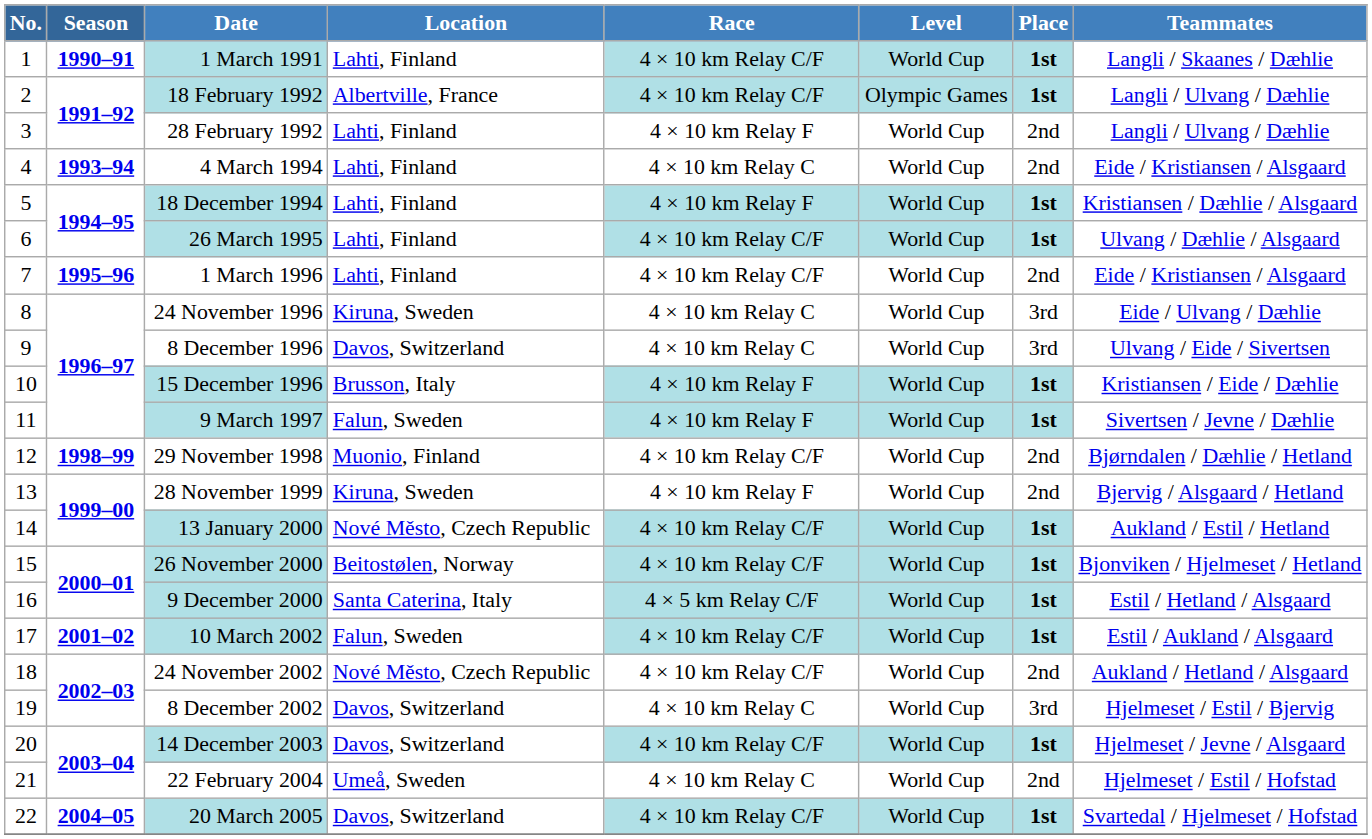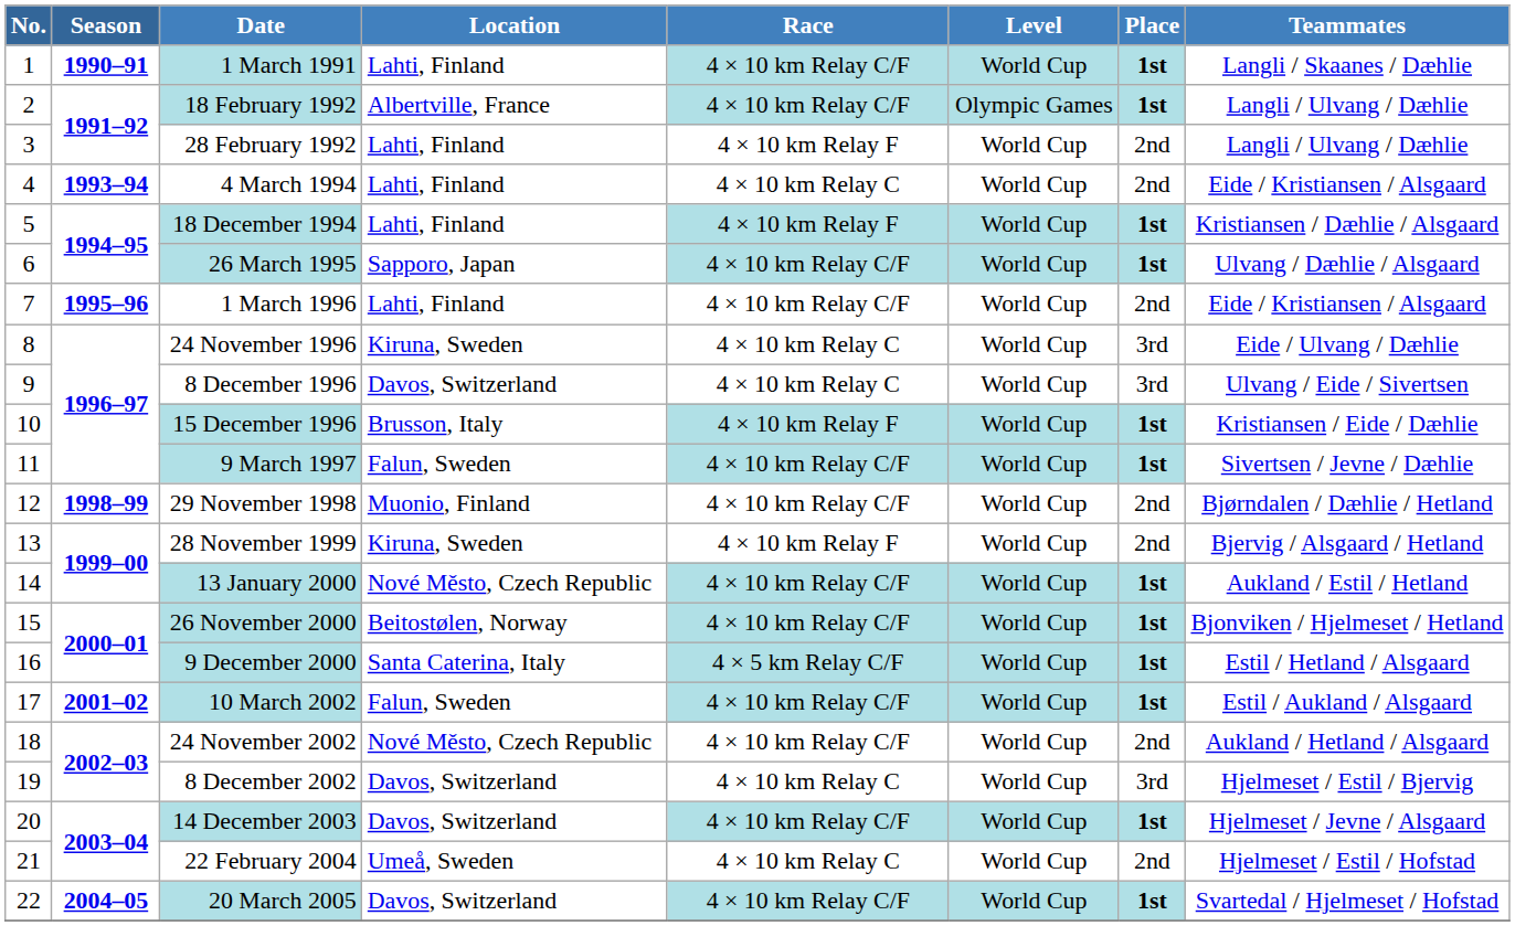 <table class="wikitable sortable" style="font-size:95%; text-align:center; border:grey solid 1px; border-collapse:collapse; background:#ffffff;">
 <tr style="background:#efefef;">
 <th style="background-color:#369; color:white;">No.</th>
 <th style="background-color:#369; color:white;">Season</th>
 <th style="background-color:#4180be; color:white; width:120px;">Date</th>
 <th style="background-color:#4180be; color:white; width:185px;">Location</th>
 <th style="background-color:#4180be; color:white; width:170px;">Race</th>
 <th style="background-color:#4180be; color:white; width:100px;">Level</th>
 <th style="background-color:#4180be; color:white;">Place</th>
 <th style="background-color:#4180be; color:white;">Teammates</th>
 </tr>
 <tr>
 <td align=center>1</td>
 <td rowspan=1 align=center><strong><a href='#'>1990–91</a></strong></td>
 <td bgcolor="#BOEOE6" align=right>1 March 1991</td>
 <td align=left> <a href='#'>Lahti</a>, Finland</td>
 <td bgcolor="#BOEOE6">4 × 10 km Relay C/F</td>
 <td bgcolor="#BOEOE6">World Cup</td>
 <td bgcolor="#BOEOE6"><strong>1st</strong></td>
 <td><a href='#'>Langli</a> / <a href='#'>Skaanes</a> / <a href='#'>Dæhlie</a></td>
 </tr>
 <tr>
 <td align=center>2</td>
 <td rowspan=2 align=center><strong><a href='#'>1991–92</a></strong></td>
 <td bgcolor="#BOEOE6" align=right>18 February 1992</td>
 <td align=left> <a href='#'>Albertville</a>, France</td>
 <td bgcolor="#BOEOE6">4 × 10 km Relay C/F</td>
 <td bgcolor="#BOEOE6">Olympic Games</td>
 <td bgcolor="#BOEOE6"><strong>1st</strong></td>
 <td><a href='#'>Langli</a> / <a href='#'>Ulvang</a> / <a href='#'>Dæhlie</a></td>
 </tr>
 <tr>
 <td align=center>3</td>
 <td align=right>28 February 1992</td>
 <td align=left> <a href='#'>Lahti</a>, Finland</td>
 <td>4 × 10 km Relay F</td>
 <td>World Cup</td>
 <td>2nd</td>
 <td><a href='#'>Langli</a> / <a href='#'>Ulvang</a> / <a href='#'>Dæhlie</a></td>
 </tr>
 <tr>
 <td align=center>4</td>
 <td rowspan=1 align=center><strong> <a href='#'>1993–94</a> </strong></td>
 <td align=right>4 March 1994</td>
 <td align=left> <a href='#'>Lahti</a>, Finland</td>
 <td>4 × 10 km Relay C</td>
 <td>World Cup</td>
 <td>2nd</td>
 <td><a href='#'>Eide</a> / <a href='#'>Kristiansen</a> / <a href='#'>Alsgaard</a></td>
 </tr>
 <tr>
 <td align=center>5</td>
 <td rowspan=2 align=center><strong><a href='#'>1994–95</a></strong></td>
 <td bgcolor="#BOEOE6" align=right>18 December 1994</td>
 <td align=left> <a href='#'>Lahti</a>, Finland</td>
 <td bgcolor="#BOEOE6">4 × 10 km Relay F</td>
 <td bgcolor="#BOEOE6">World Cup</td>
 <td bgcolor="#BOEOE6"><strong>1st</strong></td>
 <td><a href='#'>Kristiansen</a> / <a href='#'>Dæhlie</a> / <a href='#'>Alsgaard</a></td>
 </tr>
 <tr>
 <td align=center>6</td>
 <td bgcolor="#BOEOE6" align=right>26 March 1995</td>
-<td align=left> <a href='#'>Lahti</a>, Finland</td>
+<td align=left> <a href='#'>Sapporo</a>, Japan</td>
 <td bgcolor="#BOEOE6">4 × 10 km Relay C/F</td>
 <td bgcolor="#BOEOE6">World Cup</td>
 <td bgcolor="#BOEOE6"><strong>1st</strong></td>
 <td><a href='#'>Ulvang</a> / <a href='#'>Dæhlie</a> / <a href='#'>Alsgaard</a></td>
 </tr>
 <tr>
 <td align=center>7</td>
 <td rowspan=1 align=center><strong> <a href='#'>1995–96</a> </strong></td>
 <td align=right>1 March 1996</td>
 <td align=left> <a href='#'>Lahti</a>, Finland</td>
 <td>4 × 10 km Relay C/F</td>
 <td>World Cup</td>
 <td>2nd</td>
 <td><a href='#'>Eide</a> / <a href='#'>Kristiansen</a> / <a href='#'>Alsgaard</a></td>
 </tr>
 <tr>
 <td align=center>8</td>
 <td rowspan=4 align=center><strong> <a href='#'>1996–97</a> </strong></td>
 <td align=right>24 November 1996</td>
 <td align=left> <a href='#'>Kiruna</a>, Sweden</td>
 <td>4 × 10 km Relay C</td>
 <td>World Cup</td>
 <td>3rd</td>
 <td><a href='#'>Eide</a> / <a href='#'>Ulvang</a> / <a href='#'>Dæhlie</a></td>
 </tr>
 <tr>
 <td align=center>9</td>
 <td align=right>8 December 1996</td>
 <td align=left> <a href='#'>Davos</a>, Switzerland</td>
 <td>4 × 10 km Relay C</td>
 <td>World Cup</td>
 <td>3rd</td>
 <td><a href='#'>Ulvang</a> / <a href='#'>Eide</a> / <a href='#'>Sivertsen</a></td>
 </tr>
 <tr>
 <td align=center>10</td>
 <td bgcolor="#BOEOE6" align=right>15 December 1996</td>
 <td align=left> <a href='#'>Brusson</a>, Italy</td>
 <td bgcolor="#BOEOE6">4 × 10 km Relay F</td>
 <td bgcolor="#BOEOE6">World Cup</td>
 <td bgcolor="#BOEOE6"><strong>1st</strong></td>
 <td><a href='#'>Kristiansen</a> / <a href='#'>Eide</a> / <a href='#'>Dæhlie</a></td>
 </tr>
 <tr>
 <td align=center>11</td>
 <td bgcolor="#BOEOE6" align=right>9 March 1997</td>
 <td align=left> <a href='#'>Falun</a>, Sweden</td>
-<td bgcolor="#BOEOE6">4 × 10 km Relay F</td>
+<td bgcolor="#BOEOE6">4 × 10 km Relay C/F</td>
 <td bgcolor="#BOEOE6">World Cup</td>
 <td bgcolor="#BOEOE6"><strong>1st</strong></td>
 <td><a href='#'>Sivertsen</a> / <a href='#'>Jevne</a> / <a href='#'>Dæhlie</a></td>
 </tr>
 <tr>
 <td align=center>12</td>
 <td rowspan=1 align=center><strong> <a href='#'>1998–99</a> </strong></td>
 <td align=right>29 November 1998</td>
 <td align=left> <a href='#'>Muonio</a>, Finland</td>
 <td>4 × 10 km Relay C/F</td>
 <td>World Cup</td>
 <td>2nd</td>
 <td><a href='#'>Bjørndalen</a> / <a href='#'>Dæhlie</a> / <a href='#'>Hetland</a></td>
 </tr>
 <tr>
 <td align=center>13</td>
 <td rowspan=2 align=center><strong> <a href='#'>1999–00</a> </strong></td>
 <td align=right>28 November 1999</td>
 <td align=left> <a href='#'>Kiruna</a>, Sweden</td>
 <td>4 × 10 km Relay F</td>
 <td>World Cup</td>
 <td>2nd</td>
 <td><a href='#'>Bjervig</a> / <a href='#'>Alsgaard</a> / <a href='#'>Hetland</a></td>
 </tr>
 <tr>
 <td align=center>14</td>
 <td bgcolor="#BOEOE6" align=right>13 January 2000</td>
 <td align=left> <a href='#'>Nové Město</a>, Czech Republic</td>
 <td bgcolor="#BOEOE6">4 × 10 km Relay C/F</td>
 <td bgcolor="#BOEOE6">World Cup</td>
 <td bgcolor="#BOEOE6"><strong>1st</strong></td>
 <td><a href='#'>Aukland</a> / <a href='#'>Estil</a> / <a href='#'>Hetland</a></td>
 </tr>
 <tr>
 <td align=center>15</td>
 <td rowspan=2 align=center><strong><a href='#'>2000–01</a></strong></td>
 <td bgcolor="#BOEOE6" align=right>26 November 2000</td>
 <td align=left> <a href='#'>Beitostølen</a>, Norway</td>
 <td bgcolor="#BOEOE6">4 × 10 km Relay C/F</td>
 <td bgcolor="#BOEOE6">World Cup</td>
 <td bgcolor="#BOEOE6"><strong>1st</strong></td>
 <td><a href='#'>Bjonviken</a> / <a href='#'>Hjelmeset</a> / <a href='#'>Hetland</a></td>
 </tr>
 <tr>
 <td align=center>16</td>
 <td bgcolor="#BOEOE6" align=right>9 December 2000</td>
 <td align=left> <a href='#'>Santa Caterina</a>, Italy</td>
 <td bgcolor="#BOEOE6">4 × 5 km Relay C/F</td>
 <td bgcolor="#BOEOE6">World Cup</td>
 <td bgcolor="#BOEOE6"><strong>1st</strong></td>
 <td><a href='#'>Estil</a> / <a href='#'>Hetland</a> / <a href='#'>Alsgaard</a></td>
 </tr>
 <tr>
 <td align=center>17</td>
 <td rowspan=1 align=center><strong><a href='#'>2001–02</a></strong></td>
 <td bgcolor="#BOEOE6" align=right>10 March 2002</td>
 <td align=left> <a href='#'>Falun</a>, Sweden</td>
 <td bgcolor="#BOEOE6">4 × 10 km Relay C/F</td>
 <td bgcolor="#BOEOE6">World Cup</td>
 <td bgcolor="#BOEOE6"><strong>1st</strong></td>
 <td><a href='#'>Estil</a> / <a href='#'>Aukland</a> / <a href='#'>Alsgaard</a></td>
 </tr>
 <tr>
 <td align=center>18</td>
 <td rowspan=2 align=center><strong> <a href='#'>2002–03</a> </strong></td>
 <td align=right>24 November 2002</td>
 <td align=left> <a href='#'>Nové Město</a>, Czech Republic</td>
 <td>4 × 10 km Relay C/F</td>
 <td>World Cup</td>
 <td>2nd</td>
 <td><a href='#'>Aukland</a> / <a href='#'>Hetland</a> / <a href='#'>Alsgaard</a></td>
 </tr>
 <tr>
 <td align=center>19</td>
 <td align=right>8 December 2002</td>
 <td align=left> <a href='#'>Davos</a>, Switzerland</td>
 <td>4 × 10 km Relay C</td>
 <td>World Cup</td>
 <td>3rd</td>
 <td><a href='#'>Hjelmeset</a> / <a href='#'>Estil</a> / <a href='#'>Bjervig</a></td>
 </tr>
 <tr>
 <td align=center>20</td>
 <td rowspan=2 align=center><strong><a href='#'>2003–04</a></strong></td>
 <td bgcolor="#BOEOE6" align=right>14 December 2003</td>
 <td align=left> <a href='#'>Davos</a>, Switzerland</td>
 <td bgcolor="#BOEOE6">4 × 10 km Relay C/F</td>
 <td bgcolor="#BOEOE6">World Cup</td>
 <td bgcolor="#BOEOE6"><strong>1st</strong></td>
 <td><a href='#'>Hjelmeset</a> / <a href='#'>Jevne</a> / <a href='#'>Alsgaard</a></td>
 </tr>
 <tr>
 <td align=center>21</td>
 <td align=right>22 February 2004</td>
 <td align=left> <a href='#'>Umeå</a>, Sweden</td>
 <td>4 × 10 km Relay C</td>
 <td>World Cup</td>
 <td>2nd</td>
 <td><a href='#'>Hjelmeset</a> / <a href='#'>Estil</a> / <a href='#'>Hofstad</a></td>
 </tr>
 <tr>
 <td align=center>22</td>
 <td rowspan=1align=center><strong><a href='#'>2004–05</a></strong></td>
 <td bgcolor="#BOEOE6" align=right>20 March 2005</td>
 <td align=left> <a href='#'>Davos</a>, Switzerland</td>
 <td bgcolor="#BOEOE6">4 × 10 km Relay C/F</td>
 <td bgcolor="#BOEOE6">World Cup</td>
 <td bgcolor="#BOEOE6"><strong>1st</strong></td>
 <td><a href='#'>Svartedal</a> / <a href='#'>Hjelmeset</a> / <a href='#'>Hofstad</a></td>
 </tr>
 <tr>
 </tr>
 </table>
